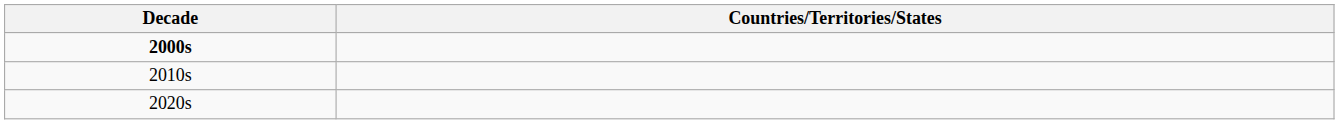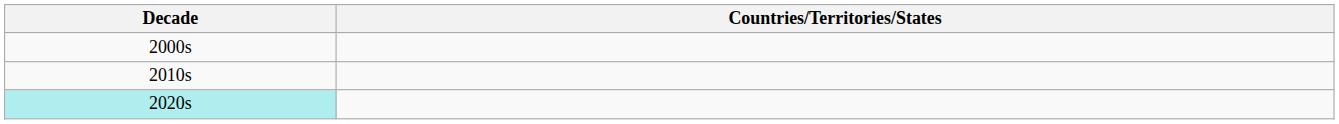 <table class="wikitable" style="width:75%">
 <tr>
 <th style="width:8em;">Decade</th>
 <th style="width:25em;">Countries/Territories/States</th>
 </tr>
 <tr>
-<td style="text-align:center;"><strong>2000s</strong></td>
+<td style="text-align:center;">2000s</td>
 <td></td>
 </tr>
 <tr>
 <td style="text-align:center;">2010s</td>
 <td></td>
 </tr>
 <tr>
-<td style="text-align:center;">2020s</td>
+<td style="background: paleturquoise; text-align:center;">2020s</td>
 <td></td>
 </tr>
 </table>
